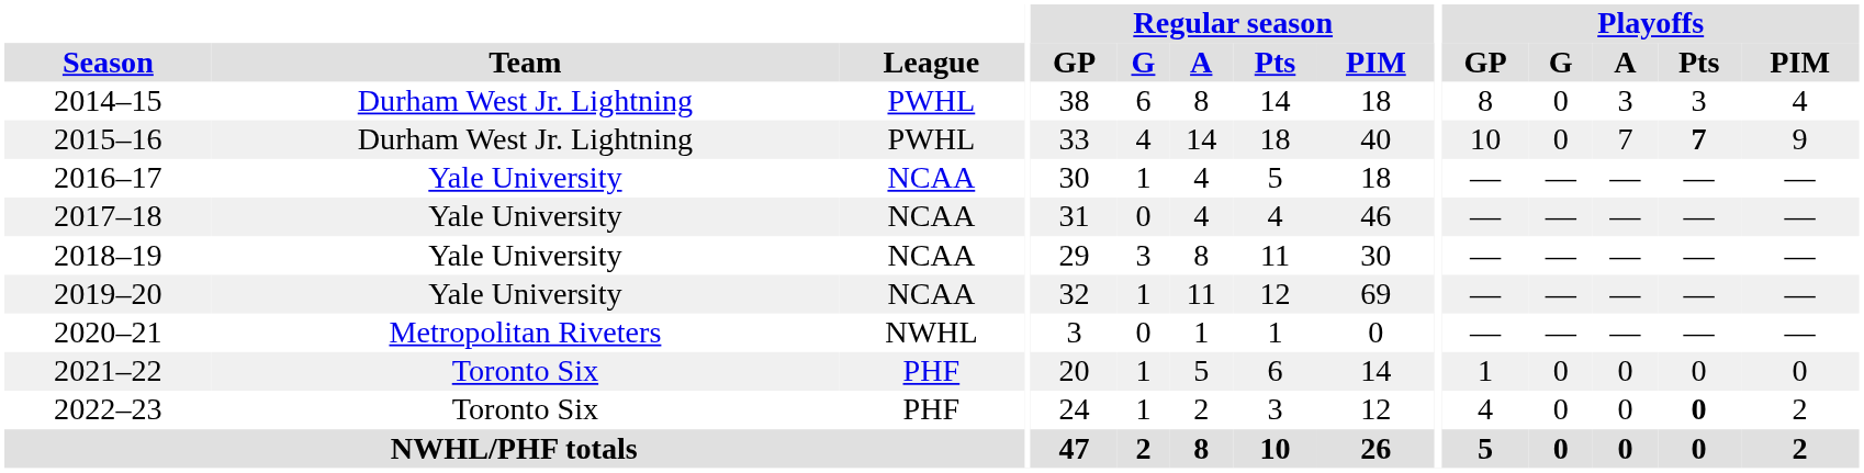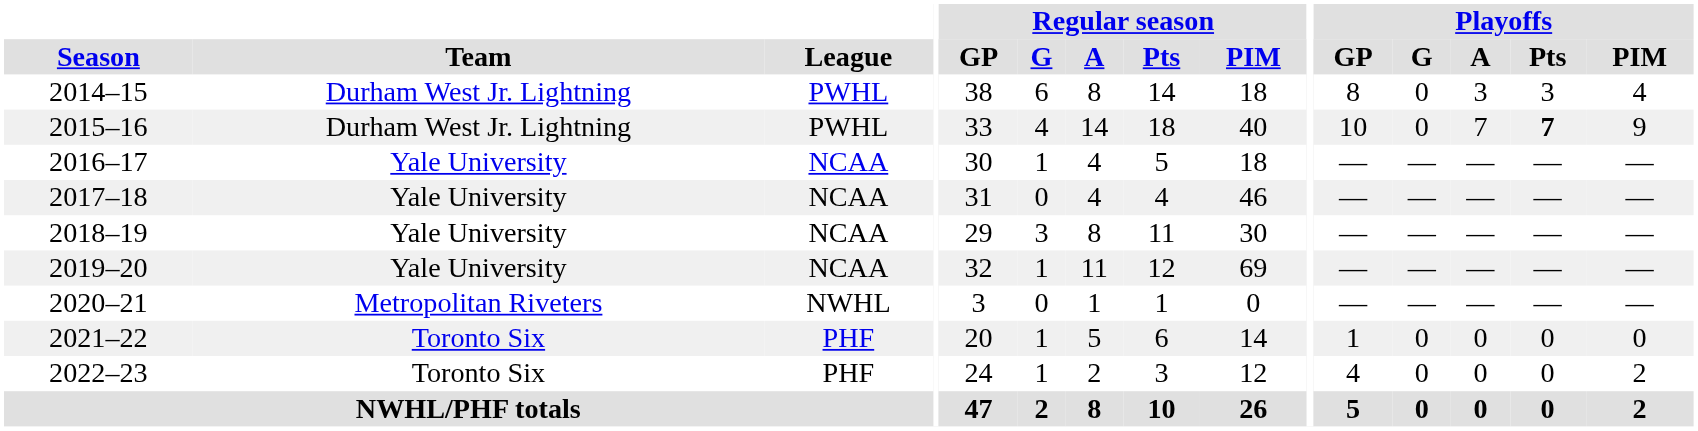 <table border="0" cellpadding="1" cellspacing="0" style="text-align:center; width:60em">
 <tr bgcolor="#e0e0e0">
 <th colspan="3" bgcolor="#ffffff"></th>
 <th rowspan="101" bgcolor="#ffffff"></th>
 <th colspan="5"><a href='#'>Regular season</a></th>
 <th rowspan="101" bgcolor="#ffffff"></th>
 <th colspan="5"><a href='#'>Playoffs</a></th>
 </tr>
 <tr bgcolor="#e0e0e0">
 <th><a href='#'>Season</a></th>
 <th>Team</th>
 <th>League</th>
 <th>GP</th>
 <th><a href='#'>G</a></th>
 <th><a href='#'>A</a></th>
 <th><a href='#'>Pts</a></th>
 <th><a href='#'>PIM</a></th>
 <th>GP</th>
 <th>G</th>
 <th>A</th>
 <th>Pts</th>
 <th>PIM</th>
 </tr>
 <tr>
 <td>2014–15</td>
 <td><a href='#'>Durham West Jr. Lightning</a></td>
 <td><a href='#'>PWHL</a></td>
 <td>38</td>
 <td>6</td>
 <td>8</td>
 <td>14</td>
 <td>18</td>
 <td>8</td>
 <td>0</td>
 <td>3</td>
 <td>3</td>
 <td>4</td>
 </tr>
 <tr bgcolor="#f0f0f0">
 <td>2015–16</td>
 <td>Durham West Jr. Lightning</td>
 <td>PWHL</td>
 <td>33</td>
 <td>4</td>
 <td>14</td>
 <td>18</td>
 <td>40</td>
 <td>10</td>
 <td>0</td>
 <td>7</td>
 <td><strong>7</strong></td>
 <td>9</td>
 </tr>
 <tr>
 <td>2016–17</td>
 <td><a href='#'>Yale University</a></td>
 <td><a href='#'>NCAA</a></td>
 <td>30</td>
 <td>1</td>
 <td>4</td>
 <td>5</td>
 <td>18</td>
 <td>—</td>
 <td>—</td>
 <td>—</td>
 <td>—</td>
 <td>—</td>
 </tr>
 <tr bgcolor="#f0f0f0">
 <td>2017–18</td>
 <td>Yale University</td>
 <td>NCAA</td>
 <td>31</td>
 <td>0</td>
 <td>4</td>
 <td>4</td>
 <td>46</td>
 <td>—</td>
 <td>—</td>
 <td>—</td>
 <td>—</td>
 <td>—</td>
 </tr>
 <tr>
 <td>2018–19</td>
 <td>Yale University</td>
 <td>NCAA</td>
 <td>29</td>
 <td>3</td>
 <td>8</td>
 <td>11</td>
 <td>30</td>
 <td>—</td>
 <td>—</td>
 <td>—</td>
 <td>—</td>
 <td>—</td>
 </tr>
 <tr bgcolor="#f0f0f0">
 <td>2019–20</td>
 <td>Yale University</td>
 <td>NCAA</td>
 <td>32</td>
 <td>1</td>
 <td>11</td>
 <td>12</td>
 <td>69</td>
 <td>—</td>
 <td>—</td>
 <td>—</td>
 <td>—</td>
 <td>—</td>
 </tr>
 <tr>
 <td>2020–21</td>
 <td><a href='#'>Metropolitan Riveters</a></td>
 <td>NWHL</td>
 <td>3</td>
 <td>0</td>
 <td>1</td>
 <td>1</td>
 <td>0</td>
 <td>—</td>
 <td>—</td>
 <td>—</td>
 <td>—</td>
 <td>—</td>
 </tr>
 <tr bgcolor="#f0f0f0">
 <td>2021–22</td>
 <td><a href='#'>Toronto Six</a></td>
 <td><a href='#'>PHF</a></td>
 <td>20</td>
 <td>1</td>
 <td>5</td>
 <td>6</td>
 <td>14</td>
 <td>1</td>
 <td>0</td>
 <td>0</td>
 <td>0</td>
 <td>0</td>
 </tr>
 <tr>
 <td>2022–23</td>
 <td>Toronto Six</td>
 <td>PHF</td>
 <td>24</td>
 <td>1</td>
 <td>2</td>
 <td>3</td>
 <td>12</td>
 <td>4</td>
 <td>0</td>
 <td>0</td>
-<td><strong>0</strong></td>
+<td>0</td>
 <td>2</td>
 </tr>
 <tr bgcolor="#e0e0e0">
 <th colspan="3">NWHL/PHF totals</th>
 <th>47</th>
 <th>2</th>
 <th>8</th>
 <th>10</th>
 <th>26</th>
 <th>5</th>
 <th>0</th>
 <th>0</th>
 <th>0</th>
 <th>2</th>
 </tr>
 </table>
